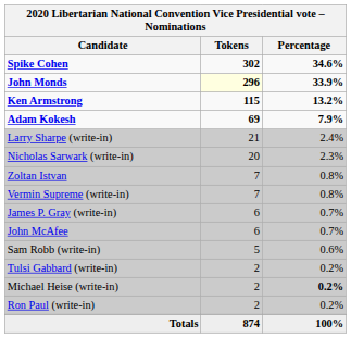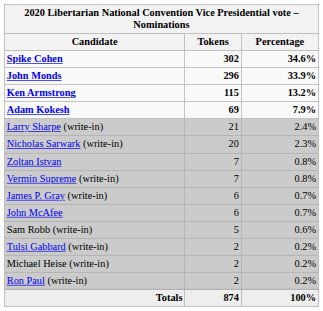 <table class="wikitable" style="font-size:95%">
 <tr>
 <th colspan="3">2020 Libertarian National Convention Vice Presidential vote – Nominations</th>
 </tr>
 <tr>
 <th style="width: 17em">Candidate</th>
 <th style="width: 5em">Tokens</th>
 <th style="width: 7em">Percentage</th>
 </tr>
 <tr>
 <td><strong><a href='#'>Spike Cohen</a></strong></td>
 <td style="text-align:right;"><strong>302</strong></td>
 <td style="text-align:right;"><strong>34.6%</strong></td>
 </tr>
 <tr>
 <td><strong><a href='#'>John Monds</a></strong></td>
-<td style="background: lightyellow; text-align:right;"><strong>296</strong></td>
+<td style="text-align:right;"><strong>296</strong></td>
 <td style="text-align:right;"><strong>33.9%</strong></td>
 </tr>
 <tr>
 <td><strong><a href='#'>Ken Armstrong</a></strong></td>
 <td style="text-align:right;"><strong>115</strong></td>
 <td style="text-align:right;"><strong>13.2%</strong></td>
 </tr>
 <tr>
 <td><strong><a href='#'>Adam Kokesh</a></strong></td>
 <td style="text-align:right;"><strong>69</strong></td>
 <td style="text-align:right;"><strong>7.9%</strong></td>
 </tr>
 <tr style="background:#cbcbcb">
 <td><a href='#'>Larry Sharpe</a> (write-in)</td>
 <td style="text-align:right;">21</td>
 <td style="text-align:right;">2.4%</td>
 </tr>
 <tr style="background:#cbcbcb">
 <td><a href='#'>Nicholas Sarwark</a> (write-in)</td>
 <td style="text-align:right;">20</td>
 <td style="text-align:right;">2.3%</td>
 </tr>
 <tr style="background:#cbcbcb">
 <td><a href='#'>Zoltan Istvan</a></td>
 <td style="text-align:right;">7</td>
 <td style="text-align:right;">0.8%</td>
 </tr>
 <tr style="background:#cbcbcb">
 <td><a href='#'>Vermin Supreme</a> (write-in)</td>
 <td style="text-align:right;">7</td>
 <td style="text-align:right;">0.8%</td>
 </tr>
 <tr style="background:#cbcbcb">
 <td><a href='#'>James P. Gray</a> (write-in)</td>
 <td style="text-align:right;">6</td>
 <td style="text-align:right;">0.7%</td>
 </tr>
 <tr style="background:#cbcbcb">
 <td><a href='#'>John McAfee</a></td>
 <td style="text-align:right;">6</td>
 <td style="text-align:right;">0.7%</td>
 </tr>
 <tr style="background:#cbcbcb">
 <td>Sam Robb (write-in)</td>
 <td style="text-align:right;">5</td>
 <td style="text-align:right;">0.6%</td>
 </tr>
 <tr style="background:#cbcbcb">
 <td><a href='#'>Tulsi Gabbard</a> (write-in)</td>
 <td style="text-align:right;">2</td>
 <td style="text-align:right;">0.2%</td>
 </tr>
 <tr style="background:#cbcbcb">
 <td>Michael Heise (write-in)</td>
 <td style="text-align:right;">2</td>
-<td style="text-align:right;"><strong>0.2%</strong></td>
+<td style="text-align:right;">0.2%</td>
 </tr>
 <tr style="background:#cbcbcb">
 <td><a href='#'>Ron Paul</a> (write-in)</td>
 <td style="text-align:right;">2</td>
 <td style="text-align:right;">0.2%</td>
 </tr>
 <tr style="background:#cbcbcb">
 </tr>
 <tr style="background:#eee; text-align:right;">
 <td><strong>Totals</strong></td>
 <td><strong>874</strong></td>
 <td><strong>100%</strong></td>
 </tr>
 </table>
